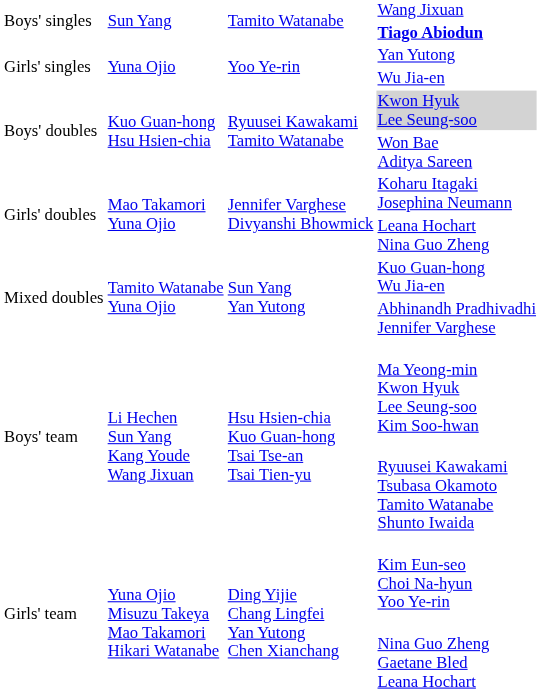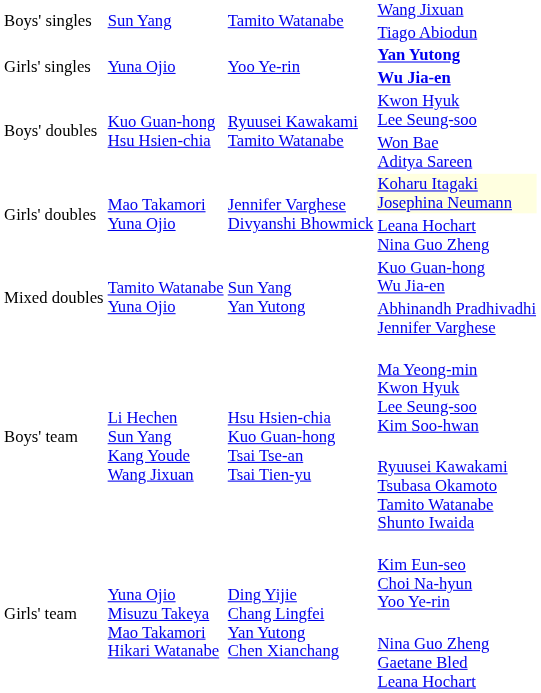 <table>
 <tr>
 <td rowspan=2>Boys' singles</td>
 <td rowspan=2> <a href='#'>Sun Yang</a></td>
 <td rowspan=2> <a href='#'>Tamito Watanabe</a></td>
 <td> <a href='#'>Wang Jixuan</a></td>
 </tr>
 <tr>
-<td><strong> <a href='#'>Tiago Abiodun</a></strong></td>
+<td> <a href='#'>Tiago Abiodun</a></td>
 </tr>
 <tr>
 <td rowspan=2>Girls' singles</td>
 <td rowspan=2> <a href='#'>Yuna Ojio</a></td>
 <td rowspan=2> <a href='#'>Yoo Ye-rin</a></td>
-<td> <a href='#'>Yan Yutong</a></td>
+<td><strong> <a href='#'>Yan Yutong</a></strong></td>
 </tr>
 <tr>
-<td> <a href='#'>Wu Jia-en</a></td>
+<td><strong> <a href='#'>Wu Jia-en</a></strong></td>
 </tr>
 <tr>
 <td rowspan=2>Boys' doubles</td>
 <td rowspan=2> <a href='#'>Kuo Guan-hong</a><br> <a href='#'>Hsu Hsien-chia</a></td>
 <td rowspan=2> <a href='#'>Ryuusei Kawakami</a><br> <a href='#'>Tamito Watanabe</a></td>
-<td style="background: lightgrey;"> <a href='#'>Kwon Hyuk</a><br> <a href='#'>Lee Seung-soo</a></td>
+<td> <a href='#'>Kwon Hyuk</a><br> <a href='#'>Lee Seung-soo</a></td>
 </tr>
 <tr>
 <td> <a href='#'>Won Bae</a><br> <a href='#'>Aditya Sareen</a></td>
 </tr>
 <tr>
 <td rowspan=2>Girls' doubles</td>
 <td rowspan=2> <a href='#'>Mao Takamori</a><br> <a href='#'>Yuna Ojio</a></td>
 <td rowspan=2> <a href='#'>Jennifer Varghese</a><br> <a href='#'>Divyanshi Bhowmick</a></td>
-<td> <a href='#'>Koharu Itagaki</a><br> <a href='#'>Josephina Neumann</a></td>
+<td style="background: lightyellow;"> <a href='#'>Koharu Itagaki</a><br> <a href='#'>Josephina Neumann</a></td>
 </tr>
 <tr>
 <td> <a href='#'>Leana Hochart</a><br> <a href='#'>Nina Guo Zheng</a></td>
 </tr>
 <tr>
 <td rowspan=2>Mixed doubles</td>
 <td rowspan=2> <a href='#'>Tamito Watanabe</a><br> <a href='#'>Yuna Ojio</a></td>
 <td rowspan=2> <a href='#'>Sun Yang</a><br> <a href='#'>Yan Yutong</a></td>
 <td> <a href='#'>Kuo Guan-hong</a><br> <a href='#'>Wu Jia-en</a></td>
 </tr>
 <tr>
 <td> <a href='#'>Abhinandh Pradhivadhi</a><br> <a href='#'>Jennifer Varghese</a></td>
 </tr>
 <tr>
 <td rowspan=2>Boys' team</td>
 <td rowspan=2><br><a href='#'>Li Hechen</a><br><a href='#'>Sun Yang</a><br><a href='#'>Kang Youde</a><br><a href='#'>Wang Jixuan</a></td>
 <td rowspan=2><br><a href='#'>Hsu Hsien-chia</a><br><a href='#'>Kuo Guan-hong</a><br><a href='#'>Tsai Tse-an</a><br><a href='#'>Tsai Tien-yu</a></td>
 <td><br><a href='#'>Ma Yeong-min</a><br><a href='#'>Kwon Hyuk</a><br><a href='#'>Lee Seung-soo</a><br><a href='#'>Kim Soo-hwan</a></td>
 </tr>
 <tr>
 <td><br><a href='#'>Ryuusei Kawakami</a><br><a href='#'>Tsubasa Okamoto</a><br><a href='#'>Tamito Watanabe</a><br><a href='#'>Shunto Iwaida</a></td>
 </tr>
 <tr>
 <td rowspan=2>Girls' team</td>
 <td rowspan=2><br><a href='#'>Yuna Ojio</a><br><a href='#'>Misuzu Takeya</a><br><a href='#'>Mao Takamori</a><br><a href='#'>Hikari Watanabe</a></td>
 <td rowspan=2><br><a href='#'>Ding Yijie</a><br><a href='#'>Chang Lingfei</a><br><a href='#'>Yan Yutong</a><br><a href='#'>Chen Xianchang</a></td>
 <td><br><a href='#'>Kim Eun-seo</a><br><a href='#'>Choi Na-hyun</a><br><a href='#'>Yoo Ye-rin</a></td>
 </tr>
 <tr>
 <td><br><a href='#'>Nina Guo Zheng</a><br><a href='#'>Gaetane Bled</a><br><a href='#'>Leana Hochart</a></td>
 </tr>
 </table>
